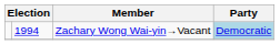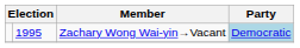 <table class="wikitable">
 <tr>
 <th colspan="2">Election</th>
 <th>Member</th>
 <th>Party</th>
 </tr>
 <tr>
 <td style="background-color: "></td>
-<td><a href='#'>1994</a></td>
+<td><a href='#'>1995</a></td>
 <td><a href='#'>Zachary Wong Wai-yin</a>→Vacant</td>
 <td style="background: lightblue;"><a href='#'>Democratic</a></td>
 </tr>
 <tr>
 </tr>
 </table>
